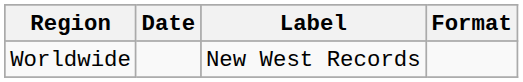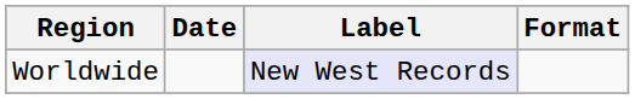 <table class="wikitable">
 <tr>
 <th>Region</th>
 <th>Date</th>
 <th>Label</th>
 <th>Format</th>
 </tr>
 <tr>
 <td>Worldwide</td>
 <td></td>
-<td>New West Records</td>
+<td style="background: lavender;">New West Records</td>
 </tr>
 </table>
